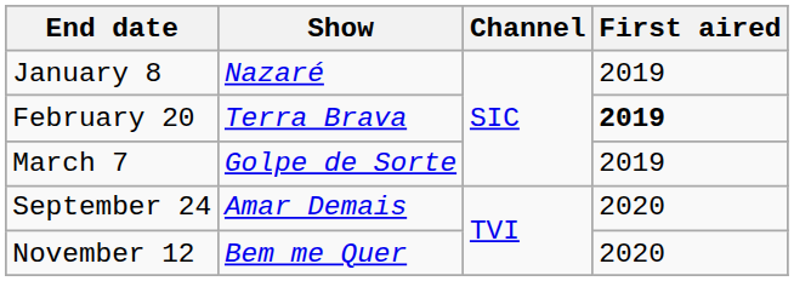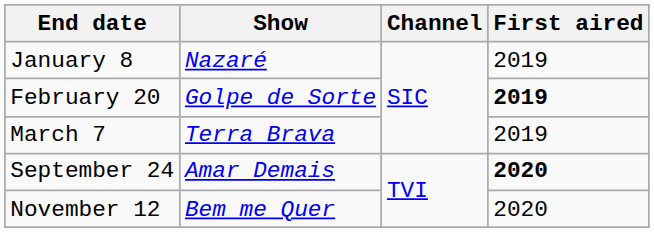 <table class="wikitable">
 <tr>
 <th>End date</th>
 <th>Show</th>
 <th>Channel</th>
 <th>First aired</th>
 </tr>
 <tr>
 <td>January 8</td>
 <td><em><a href='#'>Nazaré</a></em></td>
 <td rowspan="3"><a href='#'>SIC</a></td>
 <td>2019</td>
 </tr>
 <tr>
 <td>February 20</td>
-<td><em><a href='#'>Terra Brava</a></em></td>
+<td><em><a href='#'>Golpe de Sorte</a></em></td>
 <td><strong>2019</strong></td>
 </tr>
 <tr>
 <td>March 7</td>
-<td><em><a href='#'>Golpe de Sorte</a></em></td>
+<td><em><a href='#'>Terra Brava</a></em></td>
 <td>2019</td>
 </tr>
 <tr>
 <td>September 24</td>
 <td><em><a href='#'>Amar Demais</a></em></td>
 <td rowspan="2"><a href='#'>TVI</a></td>
-<td>2020</td>
+<td><strong>2020</strong></td>
 </tr>
 <tr>
 <td>November 12</td>
 <td><em><a href='#'>Bem me Quer</a></em></td>
 <td>2020</td>
 </tr>
 </table>
